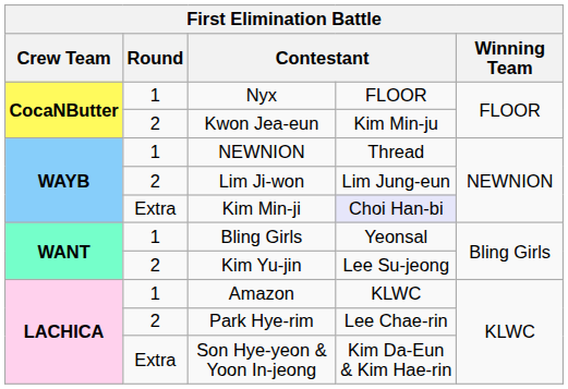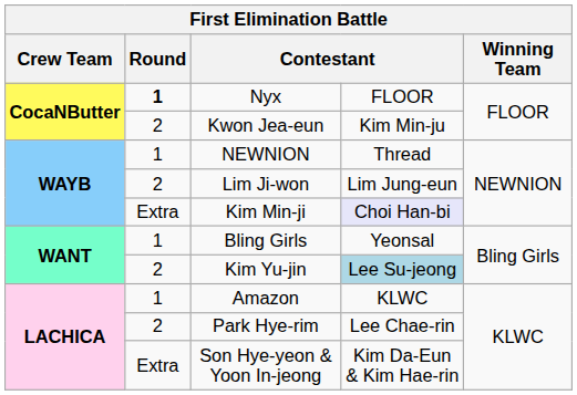 <table class="wikitable mw-collapsible mw-collapsed"  style="text-align:center; font-size:90%; width: 450px">
 <tr>
 <th colspan="5">First Elimination Battle</th>
 </tr>
 <tr style="background:#f2f2f2;">
 <th>Crew Team</th>
 <th>Round</th>
 <th colspan="2">Contestant</th>
 <th>Winning Team</th>
 </tr>
 <tr>
 <td rowspan="2" style="background:#FFFA5C"><strong>CocaNButter</strong></td>
-<td>1</td>
+<td><strong>1</strong></td>
 <td>Nyx</td>
 <td>FLOOR</td>
 <td rowspan="2">FLOOR</td>
 </tr>
 <tr>
 <td>2</td>
 <td>Kwon Jea-eun</td>
 <td>Kim Min-ju</td>
 </tr>
 <tr>
 <td rowspan="3" style="background:#87CEFA"><strong>WAYB</strong></td>
 <td>1</td>
 <td>NEWNION</td>
 <td>Thread</td>
 <td rowspan="3">NEWNION</td>
 </tr>
 <tr>
 <td>2</td>
 <td>Lim Ji-won</td>
 <td>Lim Jung-eun</td>
 </tr>
 <tr>
 <td>Extra</td>
 <td>Kim Min-ji</td>
 <td style="background: lavender;">Choi Han-bi</td>
 </tr>
 <tr>
 <td rowspan="2" style="background:#75FFCA"><strong>WANT</strong></td>
 <td>1</td>
 <td>Bling Girls</td>
 <td>Yeonsal</td>
 <td rowspan="2">Bling Girls</td>
 </tr>
 <tr>
 <td>2</td>
 <td>Kim Yu-jin</td>
-<td>Lee Su-jeong</td>
+<td style="background: lightblue;">Lee Su-jeong</td>
 </tr>
 <tr>
 <td rowspan="3" style="background:#FFD1ED"><strong>LACHICA</strong></td>
 <td>1</td>
 <td>Amazon</td>
 <td>KLWC</td>
 <td rowspan="3">KLWC</td>
 </tr>
 <tr>
 <td>2</td>
 <td>Park Hye-rim</td>
 <td>Lee Chae-rin</td>
 </tr>
 <tr>
 <td>Extra</td>
 <td>Son Hye-yeon & Yoon In-jeong</td>
 <td>Kim Da-Eun & Kim Hae-rin</td>
 </tr>
 </table>
